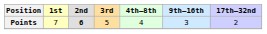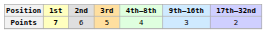 <table class="wikitable" style="font-size: 85%; text-align:center">
 <tr>
 <th>Position</th>
 <th style="background-color:#ffffbf"> 1st </th>
 <th style="background-color:#dfdfdf"> 2nd </th>
 <th style="background-color:#ffdf9f"> 3rd </th>
 <th style="background-color:#dfffdf"> 4th–8th </th>
 <th style="background-color:#cfeaff"> 9th–16th </th>
 <th style="background-color:#cfcfff"> 17th–32nd </th>
 </tr>
 <tr>
 <th>Points</th>
-<td style="background-color:#ffffbf">7</td>
-<td style="background-color:#dfdfdf"><strong>6</strong></td>
+<td style="background-color:#ffffbf"><strong>7</strong></td>
+<td style="background-color:#dfdfdf">6</td>
 <td style="background-color:#ffdf9f">5</td>
 <td style="background-color:#dfffdf">4</td>
 <td style="background-color:#cfeaff">3</td>
 <td style="background-color:#cfcfff">2</td>
 </tr>
 <tr>
 </tr>
 </table>
